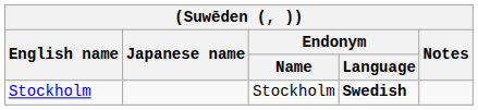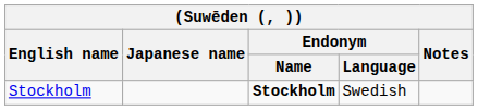 <table class="wikitable sortable">
 <tr>
 <th colspan="5"> (Suwēden (, ))</th>
 </tr>
 <tr>
 <th rowspan="2">English name</th>
 <th rowspan="2">Japanese name</th>
 <th colspan="2">Endonym</th>
 <th rowspan="2">Notes</th>
 </tr>
 <tr>
 <th>Name</th>
 <th>Language</th>
 </tr>
 <tr>
 <td><a href='#'>Stockholm</a></td>
 <td></td>
-<td>Stockholm</td>
-<td><strong>Swedish</strong></td>
+<td><strong>Stockholm</strong></td>
+<td>Swedish</td>
 <td></td>
 </tr>
 </table>
